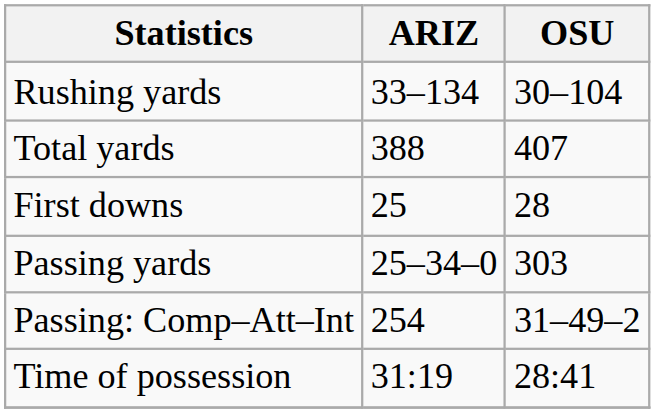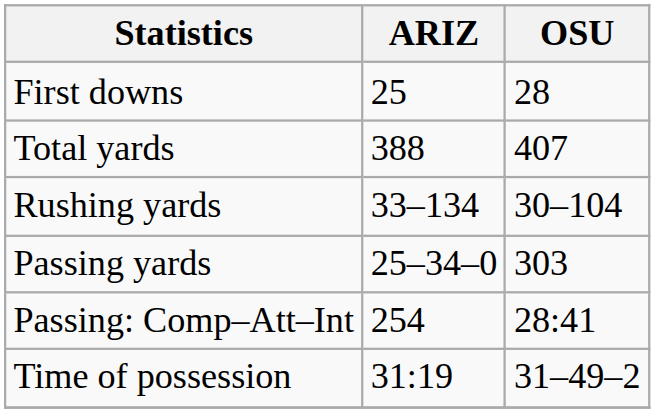 <table class="wikitable" style="float: left;">
 <tr>
 <th>Statistics</th>
 <th>ARIZ</th>
 <th>OSU</th>
 </tr>
 <tr>
-<td>Rushing yards</td>
-<td>33–134</td>
-<td>30–104</td>
+<td>First downs</td>
+<td>25</td>
+<td>28</td>
 </tr>
 <tr>
 <td>Total yards</td>
 <td>388</td>
 <td>407</td>
 </tr>
 <tr>
-<td>First downs</td>
-<td>25</td>
-<td>28</td>
+<td>Rushing yards</td>
+<td>33–134</td>
+<td>30–104</td>
 </tr>
 <tr>
 <td>Passing yards</td>
 <td>25–34–0</td>
 <td>303</td>
 </tr>
 <tr>
 <td>Passing: Comp–Att–Int</td>
 <td>254</td>
-<td>31–49–2</td>
+<td>28:41</td>
 </tr>
 <tr>
 <td>Time of possession</td>
 <td>31:19</td>
-<td>28:41</td>
+<td>31–49–2</td>
 </tr>
 <tr>
 </tr>
 </table>
